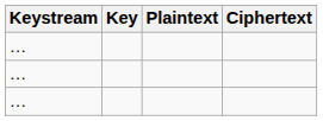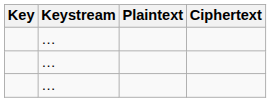 <table class="wikitable">
 <tr>
+<th>Key</th>
 <th>Keystream</th>
-<th>Key</th>
 <th>Plaintext</th>
 <th>Ciphertext</th>
 </tr>
 <tr>
+<td></td>
 <td>…</td>
-<td></td>
 <td></td>
 <td></td>
 </tr>
 <tr>
+<td></td>
 <td>…</td>
-<td></td>
 <td></td>
 <td></td>
 </tr>
 <tr>
+<td></td>
 <td>…</td>
-<td></td>
 <td></td>
 <td></td>
 </tr>
 </table>
